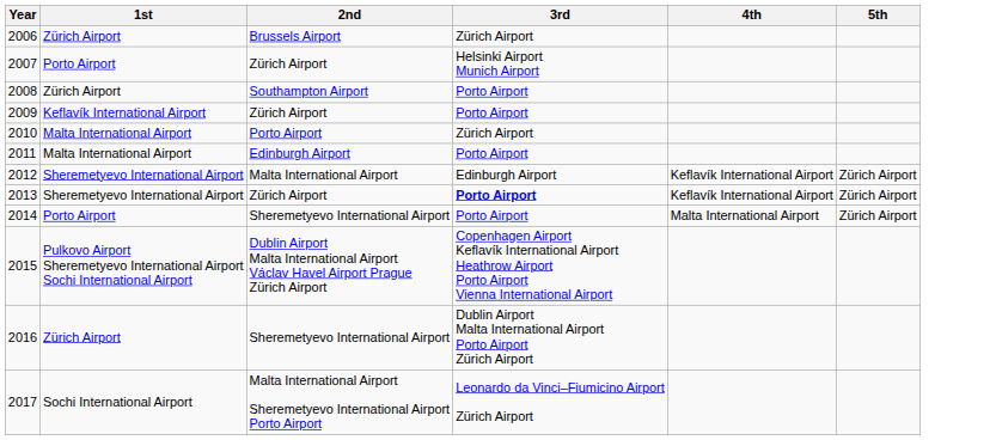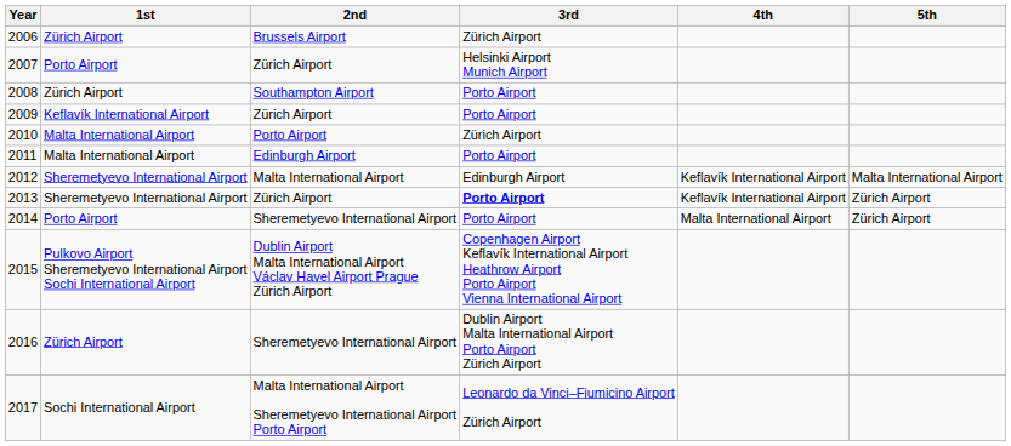 <table class="wikitable">
 <tr>
 <th>Year</th>
 <th>1st</th>
 <th>2nd</th>
 <th>3rd</th>
 <th>4th</th>
 <th>5th</th>
 </tr>
 <tr>
 <td>2006</td>
 <td> <a href='#'>Zürich Airport</a></td>
 <td> <a href='#'>Brussels Airport</a></td>
 <td> Zürich Airport</td>
 <td></td>
 <td></td>
 </tr>
 <tr>
 <td>2007</td>
 <td> <a href='#'>Porto Airport</a></td>
 <td> Zürich Airport</td>
 <td> Helsinki Airport<br> <a href='#'>Munich Airport</a></td>
 <td></td>
 <td></td>
 </tr>
 <tr>
 <td>2008</td>
 <td> Zürich Airport</td>
 <td> <a href='#'>Southampton Airport</a></td>
 <td> <a href='#'>Porto Airport</a></td>
 <td></td>
 <td></td>
 </tr>
 <tr>
 <td>2009</td>
 <td> <a href='#'>Keflavík International Airport</a></td>
 <td> Zürich Airport</td>
 <td> <a href='#'>Porto Airport</a></td>
 <td></td>
 <td></td>
 </tr>
 <tr>
 <td>2010</td>
 <td> <a href='#'>Malta International Airport</a></td>
 <td> <a href='#'>Porto Airport</a></td>
 <td> Zürich Airport</td>
 <td></td>
 <td></td>
 </tr>
 <tr>
 <td>2011</td>
 <td> Malta International Airport</td>
 <td> <a href='#'>Edinburgh Airport</a></td>
 <td> <a href='#'>Porto Airport</a></td>
 <td></td>
 <td></td>
 </tr>
 <tr>
 <td>2012</td>
 <td> <a href='#'>Sheremetyevo International Airport</a></td>
 <td> Malta International Airport</td>
 <td> Edinburgh Airport</td>
 <td> Keflavík International Airport</td>
-<td> Zürich Airport</td>
+<td> Malta International Airport</td>
 </tr>
 <tr>
 <td>2013</td>
 <td> Sheremetyevo International Airport</td>
 <td> Zürich Airport</td>
 <td><strong> <a href='#'>Porto Airport</a></strong></td>
 <td> Keflavík International Airport</td>
 <td> Zürich Airport</td>
 </tr>
 <tr>
 <td>2014</td>
 <td> <a href='#'>Porto Airport</a></td>
 <td> Sheremetyevo International Airport</td>
 <td> <a href='#'>Porto Airport</a></td>
 <td> Malta International Airport</td>
 <td> Zürich Airport</td>
 </tr>
 <tr>
 <td>2015</td>
 <td> <a href='#'>Pulkovo Airport</a><br> Sheremetyevo International Airport<br> <a href='#'>Sochi International Airport</a></td>
 <td> <a href='#'>Dublin Airport</a><br> Malta International Airport<br> <a href='#'>Václav Havel Airport Prague</a><br> Zürich Airport</td>
 <td> <a href='#'>Copenhagen Airport</a><br> Keflavík International Airport<br> <a href='#'>Heathrow Airport</a><br> <a href='#'>Porto Airport</a><br> <a href='#'>Vienna International Airport</a></td>
 <td></td>
 <td></td>
 </tr>
 <tr>
 <td>2016</td>
 <td> <a href='#'>Zürich Airport</a></td>
 <td> Sheremetyevo International Airport</td>
 <td> Dublin Airport<br> Malta International Airport<br> <a href='#'>Porto Airport</a><br> Zürich Airport</td>
 <td></td>
 <td></td>
 </tr>
 <tr>
 <td>2017</td>
 <td> Sochi International Airport</td>
 <td> Malta International Airport<br><br> Sheremetyevo International Airport <br>  <a href='#'>Porto Airport</a></td>
 <td> <a href='#'>Leonardo da Vinci–Fiumicino Airport</a><br><br> Zürich Airport</td>
 <td></td>
 <td></td>
 </tr>
 </table>
